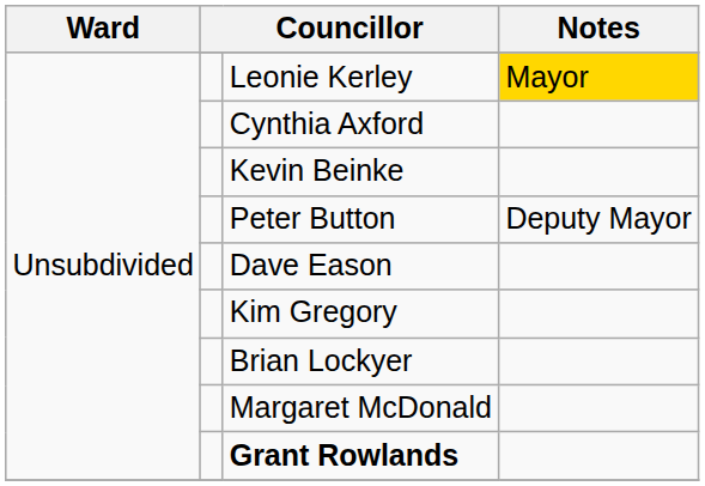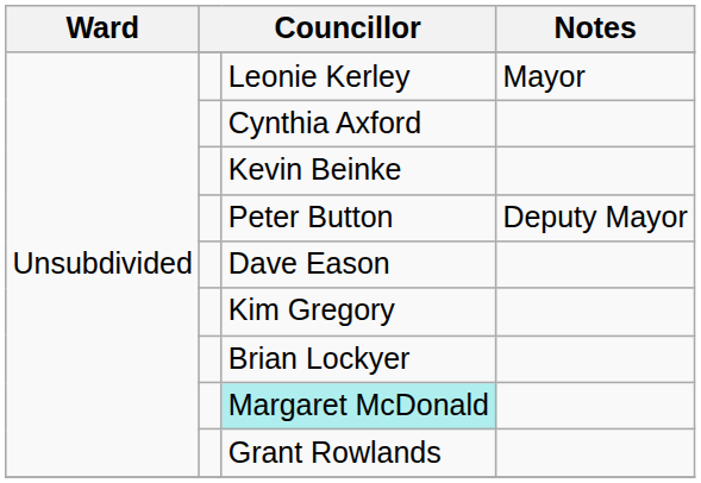 <table class="wikitable">
 <tr>
 <th>Ward</th>
 <th colspan="2">Councillor</th>
 <th>Notes</th>
 </tr>
 <tr>
 <td rowspan="10">Unsubdivided</td>
 </tr>
 <tr>
 <td> </td>
 <td>Leonie Kerley</td>
-<td style="background: gold;">Mayor</td>
+<td>Mayor</td>
 </tr>
 <tr>
 <td> </td>
 <td>Cynthia Axford</td>
 <td></td>
 </tr>
 <tr>
 <td> </td>
 <td>Kevin Beinke</td>
 <td></td>
 </tr>
 <tr>
 <td> </td>
 <td>Peter Button</td>
 <td>Deputy Mayor</td>
 </tr>
 <tr>
 <td> </td>
 <td>Dave Eason</td>
 <td></td>
 </tr>
 <tr>
 <td> </td>
 <td>Kim Gregory</td>
 <td></td>
 </tr>
 <tr>
 <td> </td>
 <td>Brian Lockyer</td>
 <td></td>
 </tr>
 <tr>
 <td> </td>
-<td>Margaret McDonald</td>
+<td style="background: paleturquoise;">Margaret McDonald</td>
 <td></td>
 </tr>
 <tr>
 <td> </td>
-<td><strong>Grant Rowlands</strong></td>
+<td>Grant Rowlands</td>
 <td></td>
 </tr>
 <tr>
 </tr>
 </table>
